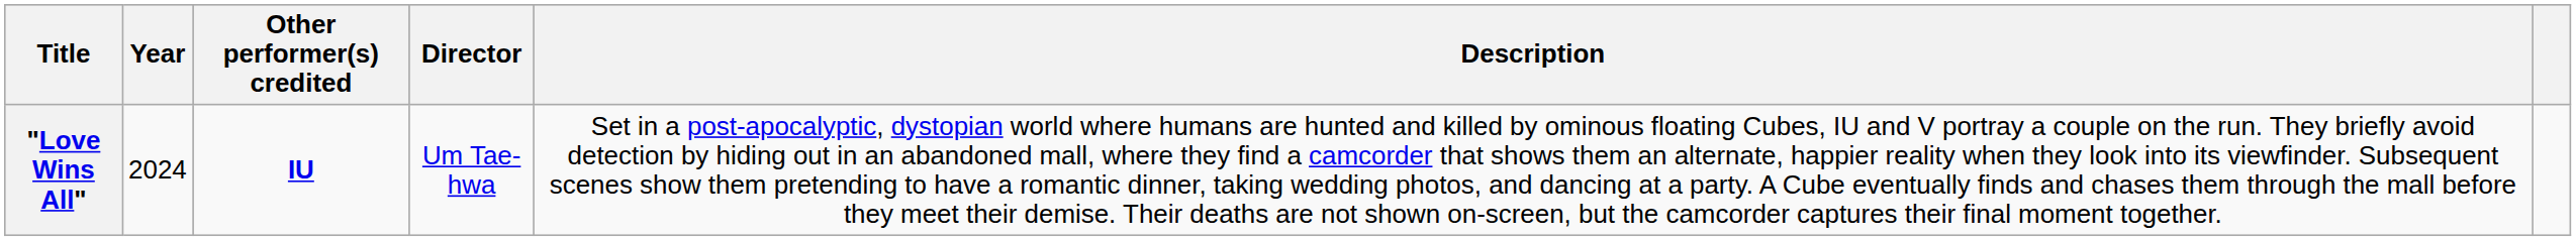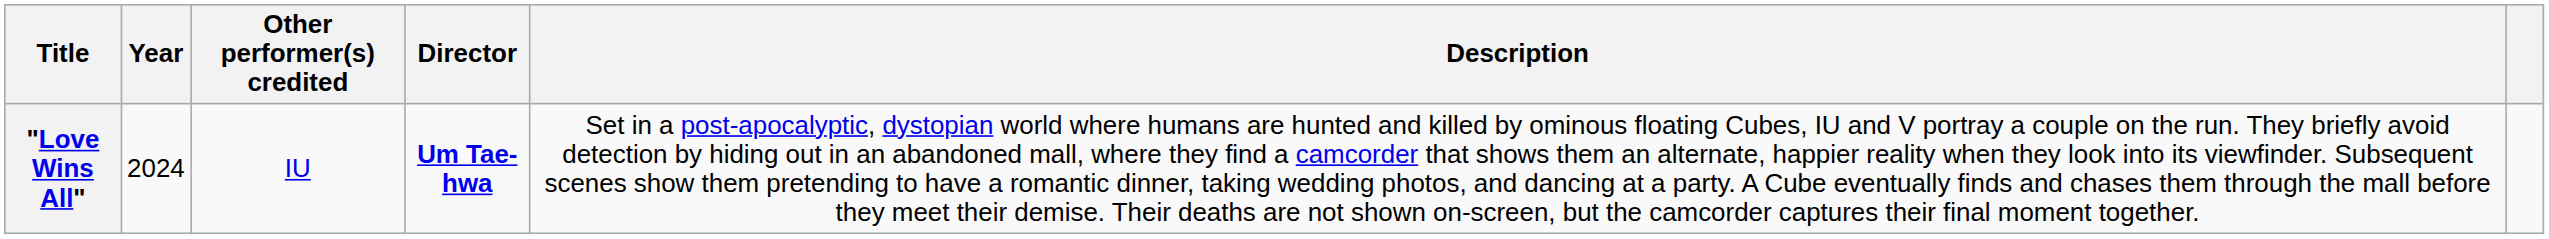 <table class="wikitable plainrowheaders" style="text-align:center;">
 <tr>
 <th scope="col">Title</th>
 <th scope="col">Year</th>
 <th scope="col">Other performer(s) credited</th>
 <th scope="col">Director</th>
 <th scope="col">Description</th>
 <th scope="col" style="width:1em;"></th>
 </tr>
 <tr>
 <th scope="row">"<a href='#'>Love Wins All</a>"</th>
 <td>2024</td>
-<td><strong><a href='#'>IU</a></strong></td>
-<td><a href='#'>Um Tae-hwa</a></td>
+<td><a href='#'>IU</a></td>
+<td><strong><a href='#'>Um Tae-hwa</a></strong></td>
 <td>Set in a <a href='#'>post-apocalyptic</a>,  <a href='#'>dystopian</a> world where humans are hunted and killed by ominous floating Cubes, IU and V portray a couple on the run. They briefly avoid detection by hiding out in an abandoned mall, where they find a <a href='#'>camcorder</a> that shows them an alternate, happier reality when they look into its viewfinder. Subsequent scenes show them pretending to have a romantic dinner, taking wedding photos, and dancing at a party. A Cube eventually finds and chases them through the mall before they meet their demise. Their deaths are not shown on-screen, but the camcorder captures their final moment together.</td>
 <td></td>
 </tr>
 </table>
